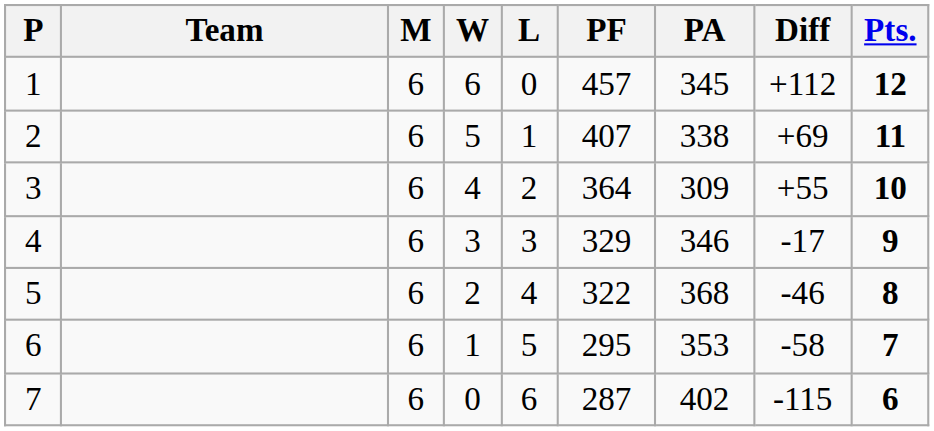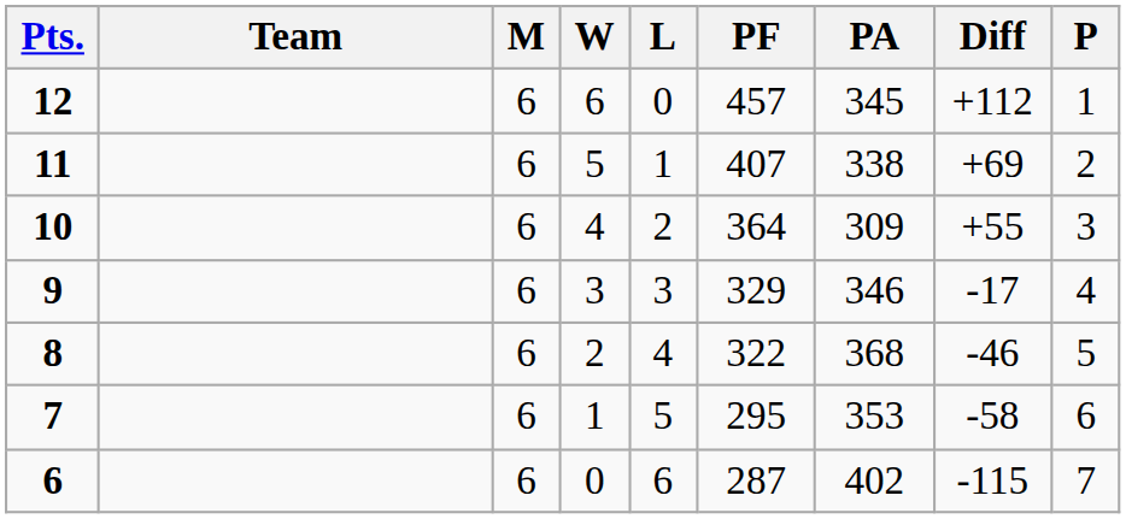 <table class=wikitable>
 <tr align=center>
-<th width=20px>P</th>
+<th width=30px><a href='#'>Pts.</a></th>
 <th width=150px>Team</th>
 <th width=20px>M</th>
 <th width=20px>W</th>
 <th width=20px>L</th>
 <th width=40px>PF</th>
 <th width=40px>PA</th>
 <th width=40px>Diff</th>
-<th width=30px><a href='#'>Pts.</a></th>
+<th width=20px>P</th>
 </tr>
 <tr align=center>
-<td>1</td>
+<td><strong>12</strong></td>
 <td align=left></td>
 <td>6</td>
 <td>6</td>
 <td>0</td>
 <td>457</td>
 <td>345</td>
 <td>+112</td>
-<td><strong>12</strong></td>
+<td>1</td>
 </tr>
 <tr align=center>
-<td>2</td>
+<td><strong>11</strong></td>
 <td align=left></td>
 <td>6</td>
 <td>5</td>
 <td>1</td>
 <td>407</td>
 <td>338</td>
 <td>+69</td>
-<td><strong>11</strong></td>
+<td>2</td>
 </tr>
 <tr align=center>
-<td>3</td>
+<td><strong>10</strong></td>
 <td align=left></td>
 <td>6</td>
 <td>4</td>
 <td>2</td>
 <td>364</td>
 <td>309</td>
 <td>+55</td>
-<td><strong>10</strong></td>
+<td>3</td>
 </tr>
 <tr align=center>
-<td>4</td>
+<td><strong>9</strong></td>
 <td align=left></td>
 <td>6</td>
 <td>3</td>
 <td>3</td>
 <td>329</td>
 <td>346</td>
 <td>-17</td>
-<td><strong>9</strong></td>
+<td>4</td>
 </tr>
 <tr align=center>
-<td>5</td>
+<td><strong>8</strong></td>
 <td align=left></td>
 <td>6</td>
 <td>2</td>
 <td>4</td>
 <td>322</td>
 <td>368</td>
 <td>-46</td>
-<td><strong>8</strong></td>
+<td>5</td>
 </tr>
 <tr align=center>
-<td>6</td>
+<td><strong>7</strong></td>
 <td align=left></td>
 <td>6</td>
 <td>1</td>
 <td>5</td>
 <td>295</td>
 <td>353</td>
 <td>-58</td>
-<td><strong>7</strong></td>
+<td>6</td>
 </tr>
 <tr align=center>
-<td>7</td>
+<td><strong>6</strong></td>
 <td align=left></td>
 <td>6</td>
 <td>0</td>
 <td>6</td>
 <td>287</td>
 <td>402</td>
 <td>-115</td>
-<td><strong>6</strong></td>
+<td>7</td>
 </tr>
 </table>
